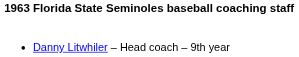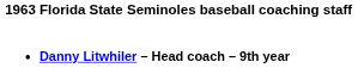 <table class="toccolours">
 <tr>
 <th colspan=9>1963 Florida State Seminoles baseball coaching staff</th>
 </tr>
 <tr>
-<td style="text-align: left; font-size: 95%;" valign="top"><br><ul><li><a href='#'>Danny Litwhiler</a> – Head coach – 9th year</li></ul></td>
+<td style="text-align: left; font-size: 95%;" valign="top"><strong><br><ul><li><a href='#'>Danny Litwhiler</a> – Head coach – 9th year</li></ul></strong></td>
 </tr>
 </table>
